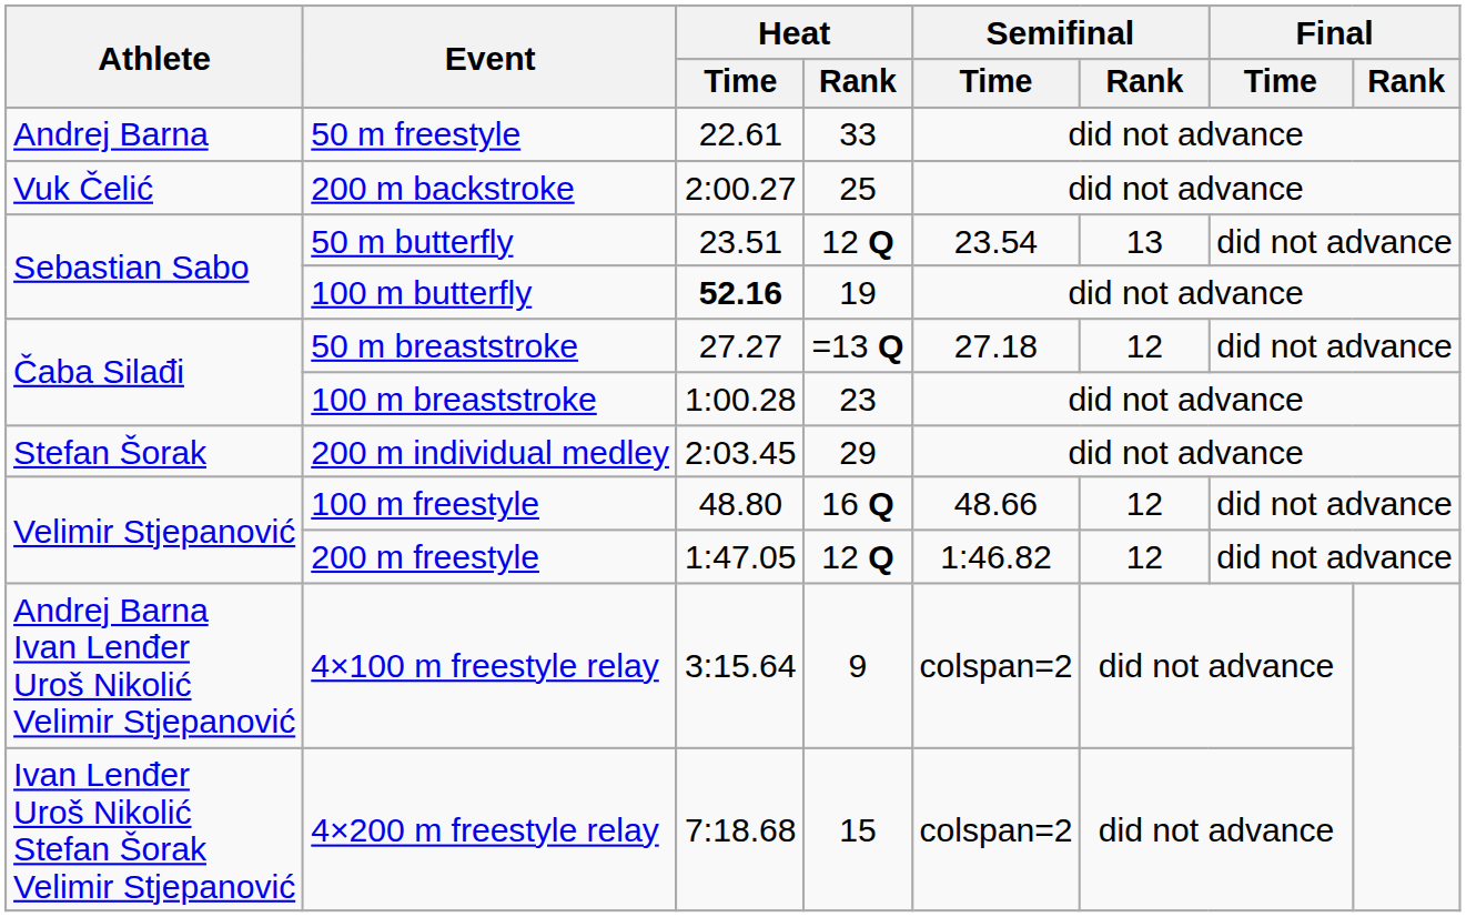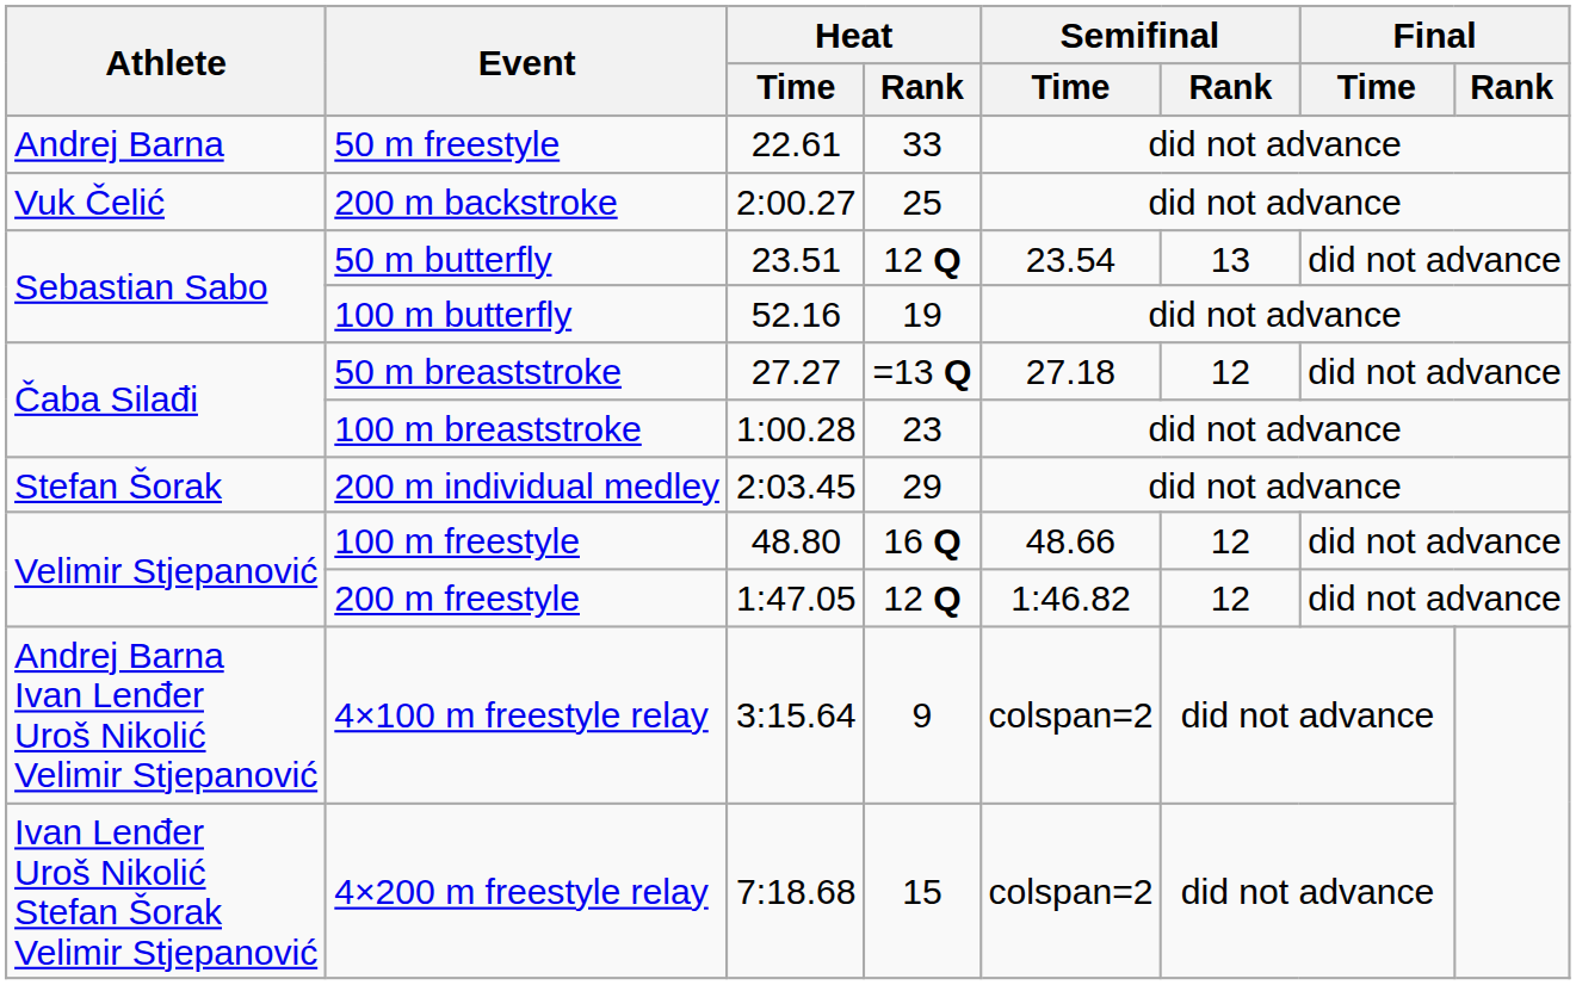 <table class=wikitable style="font-size:90%">
 <tr>
 <th rowspan="2">Athlete</th>
 <th rowspan="2">Event</th>
 <th colspan="2">Heat</th>
 <th colspan="2">Semifinal</th>
 <th colspan="2">Final</th>
 </tr>
 <tr style="font-size:95%">
 <th>Time</th>
 <th>Rank</th>
 <th>Time</th>
 <th>Rank</th>
 <th>Time</th>
 <th>Rank</th>
 </tr>
 <tr align=center>
 <td align=left><a href='#'>Andrej Barna</a></td>
 <td align=left><a href='#'>50 m freestyle</a></td>
 <td>22.61</td>
 <td>33</td>
 <td colspan=4>did not advance</td>
 </tr>
 <tr align=center>
 <td align=left><a href='#'>Vuk Čelić</a></td>
 <td align=left><a href='#'>200 m backstroke</a></td>
 <td>2:00.27</td>
 <td>25</td>
 <td colspan=4>did not advance</td>
 </tr>
 <tr align=center>
 <td align=left rowspan=2><a href='#'>Sebastian Sabo</a></td>
 <td align=left><a href='#'>50 m butterfly</a></td>
 <td>23.51</td>
 <td>12 <strong>Q</strong></td>
 <td>23.54</td>
 <td>13</td>
 <td colspan=2>did not advance</td>
 </tr>
 <tr align=center>
 <td align=left><a href='#'>100 m butterfly</a></td>
-<td><strong>52.16</strong></td>
+<td>52.16</td>
 <td>19</td>
 <td colspan=4>did not advance</td>
 </tr>
 <tr align=center>
 <td align=left rowspan=2><a href='#'>Čaba Silađi</a></td>
 <td align=left><a href='#'>50 m breaststroke</a></td>
 <td>27.27</td>
 <td>=13 <strong>Q</strong></td>
 <td>27.18</td>
 <td>12</td>
 <td colspan=2>did not advance</td>
 </tr>
 <tr align=center>
 <td align=left><a href='#'>100 m breaststroke</a></td>
 <td>1:00.28</td>
 <td>23</td>
 <td colspan=4>did not advance</td>
 </tr>
 <tr align=center>
 <td align=left><a href='#'>Stefan Šorak</a></td>
 <td align=left><a href='#'>200 m individual medley</a></td>
 <td>2:03.45</td>
 <td>29</td>
 <td colspan=4>did not advance</td>
 </tr>
 <tr align=center>
 <td align=left rowspan=2><a href='#'>Velimir Stjepanović</a></td>
 <td align=left><a href='#'>100 m freestyle</a></td>
 <td>48.80</td>
 <td>16 <strong>Q</strong></td>
 <td>48.66</td>
 <td>12</td>
 <td colspan=2>did not advance</td>
 </tr>
 <tr align=center>
 <td align=left><a href='#'>200 m freestyle</a></td>
 <td>1:47.05</td>
 <td>12 <strong>Q</strong></td>
 <td>1:46.82</td>
 <td>12</td>
 <td colspan=2>did not advance</td>
 </tr>
 <tr align=center>
 <td align=left><a href='#'>Andrej Barna</a><br><a href='#'>Ivan Lenđer</a><br><a href='#'>Uroš Nikolić</a><br><a href='#'>Velimir Stjepanović</a></td>
 <td align=left><a href='#'>4×100 m freestyle relay</a></td>
 <td>3:15.64</td>
 <td>9</td>
 <td>colspan=2 </td>
 <td colspan=2>did not advance</td>
 </tr>
 <tr align=center>
 <td align=left><a href='#'>Ivan Lenđer</a><br><a href='#'>Uroš Nikolić</a><br><a href='#'>Stefan Šorak</a><br><a href='#'>Velimir Stjepanović</a></td>
 <td align=left><a href='#'>4×200 m freestyle relay</a></td>
 <td>7:18.68</td>
 <td>15</td>
 <td>colspan=2 </td>
 <td colspan=2>did not advance</td>
 </tr>
 </table>
